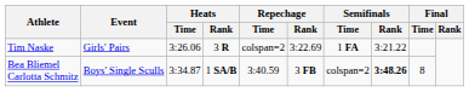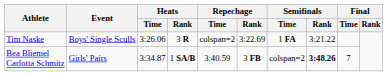 <table class="wikitable" style="font-size:90%">
 <tr>
 <th rowspan="2">Athlete</th>
 <th rowspan="2">Event</th>
 <th colspan="2">Heats</th>
 <th colspan="2">Repechage</th>
 <th colspan="2">Semifinals</th>
 <th colspan="2">Final</th>
 </tr>
 <tr style="font-size:95%">
 <th>Time</th>
 <th>Rank</th>
 <th>Time</th>
 <th>Rank</th>
 <th>Time</th>
 <th>Rank</th>
 <th>Time</th>
 <th>Rank</th>
 </tr>
 <tr align=center>
 <td align=left><a href='#'>Tim Naske</a></td>
-<td align=left><a href='#'>Girls' Pairs</a></td>
+<td align=left><a href='#'>Boys' Single Sculls</a></td>
 <td>3:26.06</td>
 <td>3 <strong>R</strong></td>
 <td>colspan=2 </td>
 <td>3:22.69</td>
 <td>1 <strong>FA</strong></td>
 <td>3:21.22</td>
 <td></td>
 </tr>
 <tr align=center>
 <td align=left><a href='#'>Bea Bliemel</a><br><a href='#'>Carlotta Schmitz</a></td>
-<td align=left><a href='#'>Boys' Single Sculls</a></td>
+<td align=left><a href='#'>Girls' Pairs</a></td>
 <td>3:34.87</td>
 <td>1 <strong>SA/B</strong></td>
 <td>3:40.59</td>
 <td>3 <strong>FB</strong></td>
 <td>colspan=2 </td>
 <td><strong>3:48.26</strong></td>
-<td>8</td>
+<td>7</td>
 </tr>
 </table>
